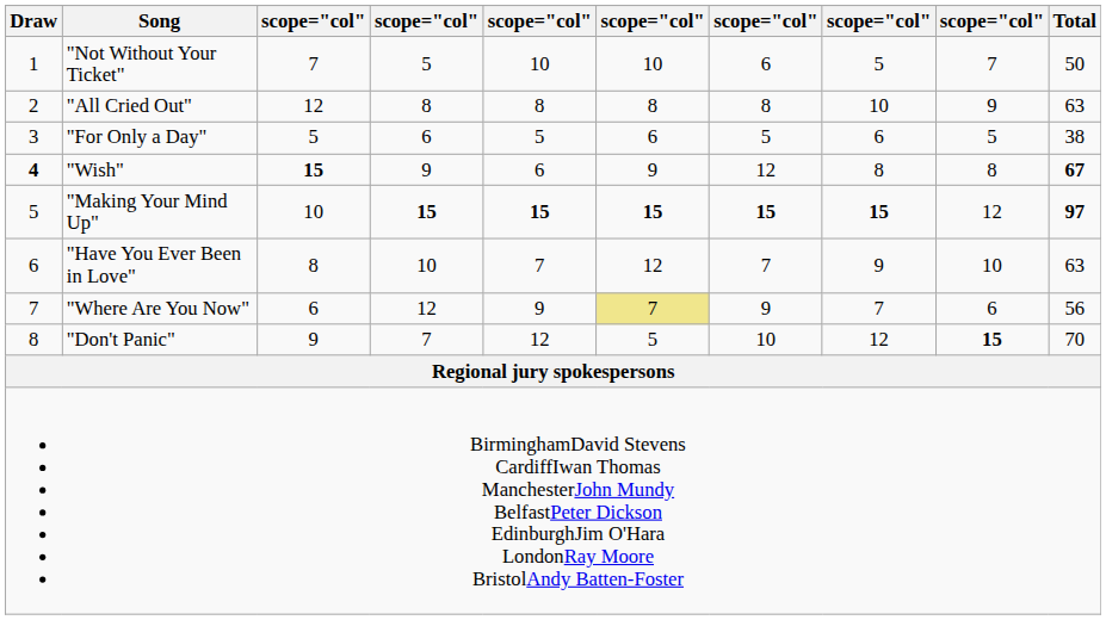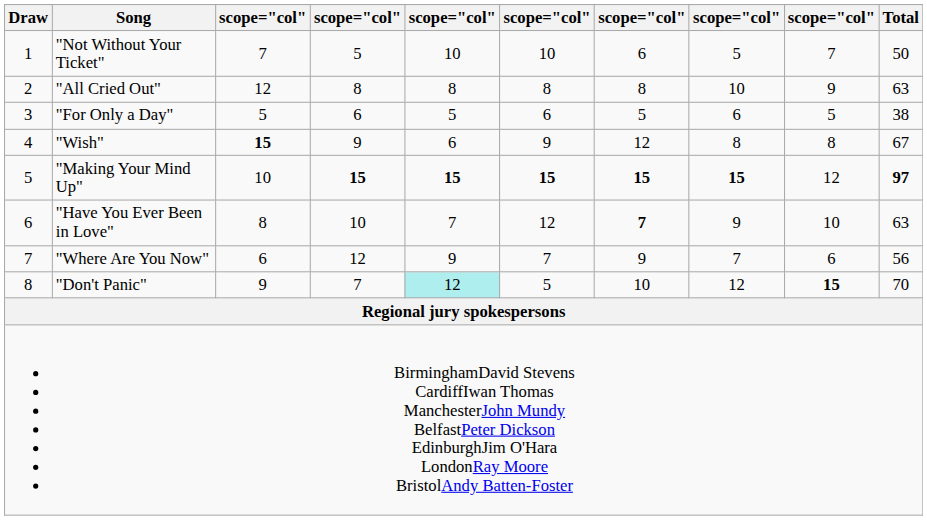 <table class="wikitable plainrowheaders" style="margin: 1em auto 1em auto; text-align:center;">
 <tr>
 </tr>
 <tr>
 <th scope="col">Draw</th>
 <th scope="col">Song</th>
 <th>scope="col" </th>
 <th>scope="col" </th>
 <th>scope="col" </th>
 <th>scope="col" </th>
 <th>scope="col" </th>
 <th>scope="col" </th>
 <th>scope="col" </th>
 <th scope="col">Total</th>
 </tr>
 <tr>
 <td>1</td>
 <td align="left">"Not Without Your Ticket"</td>
 <td>7</td>
 <td>5</td>
 <td>10</td>
 <td>10</td>
 <td>6</td>
 <td>5</td>
 <td>7</td>
 <td>50</td>
 </tr>
 <tr>
 <td>2</td>
 <td align="left">"All Cried Out"</td>
 <td>12</td>
 <td>8</td>
 <td>8</td>
 <td>8</td>
 <td>8</td>
 <td>10</td>
 <td>9</td>
 <td>63</td>
 </tr>
 <tr>
 <td>3</td>
 <td align="left">"For Only a Day"</td>
 <td>5</td>
 <td>6</td>
 <td>5</td>
 <td>6</td>
 <td>5</td>
 <td>6</td>
 <td>5</td>
 <td>38</td>
 </tr>
 <tr>
-<td><strong>4</strong></td>
+<td>4</td>
 <td align="left">"Wish"</td>
 <td><strong>15</strong></td>
 <td>9</td>
 <td>6</td>
 <td>9</td>
 <td>12</td>
 <td>8</td>
 <td>8</td>
-<td><strong>67</strong></td>
+<td>67</td>
 </tr>
 <tr>
 <td>5</td>
 <td align="left">"Making Your Mind Up"</td>
 <td>10</td>
 <td><strong>15</strong></td>
 <td><strong>15</strong></td>
 <td><strong>15</strong></td>
 <td><strong>15</strong></td>
 <td><strong>15</strong></td>
 <td>12</td>
 <td><strong>97</strong></td>
 </tr>
 <tr>
 <td>6</td>
 <td align="left">"Have You Ever Been in Love"</td>
 <td>8</td>
 <td>10</td>
 <td>7</td>
 <td>12</td>
-<td>7</td>
+<td><strong>7</strong></td>
 <td>9</td>
 <td>10</td>
 <td>63</td>
 </tr>
 <tr>
 <td>7</td>
 <td align="left">"Where Are You Now"</td>
 <td>6</td>
 <td>12</td>
 <td>9</td>
-<td style="background: khaki;">7</td>
+<td>7</td>
 <td>9</td>
 <td>7</td>
 <td>6</td>
 <td>56</td>
 </tr>
 <tr>
 <td>8</td>
 <td align="left">"Don't Panic"</td>
 <td>9</td>
 <td>7</td>
-<td>12</td>
+<td style="background: paleturquoise;">12</td>
 <td>5</td>
 <td>10</td>
 <td>12</td>
 <td><strong>15</strong></td>
 <td>70</td>
 </tr>
 <tr>
 <th colspan="10">Regional jury spokespersons</th>
 </tr>
 <tr>
 <td colspan="10"><br><ul><li>BirminghamDavid Stevens</li><li>CardiffIwan Thomas</li><li>Manchester<a href='#'>John Mundy</a></li><li>Belfast<a href='#'>Peter Dickson</a></li><li>EdinburghJim O'Hara</li><li>London<a href='#'>Ray Moore</a></li><li>Bristol<a href='#'>Andy Batten-Foster</a></li></ul></td>
 </tr>
 </table>
